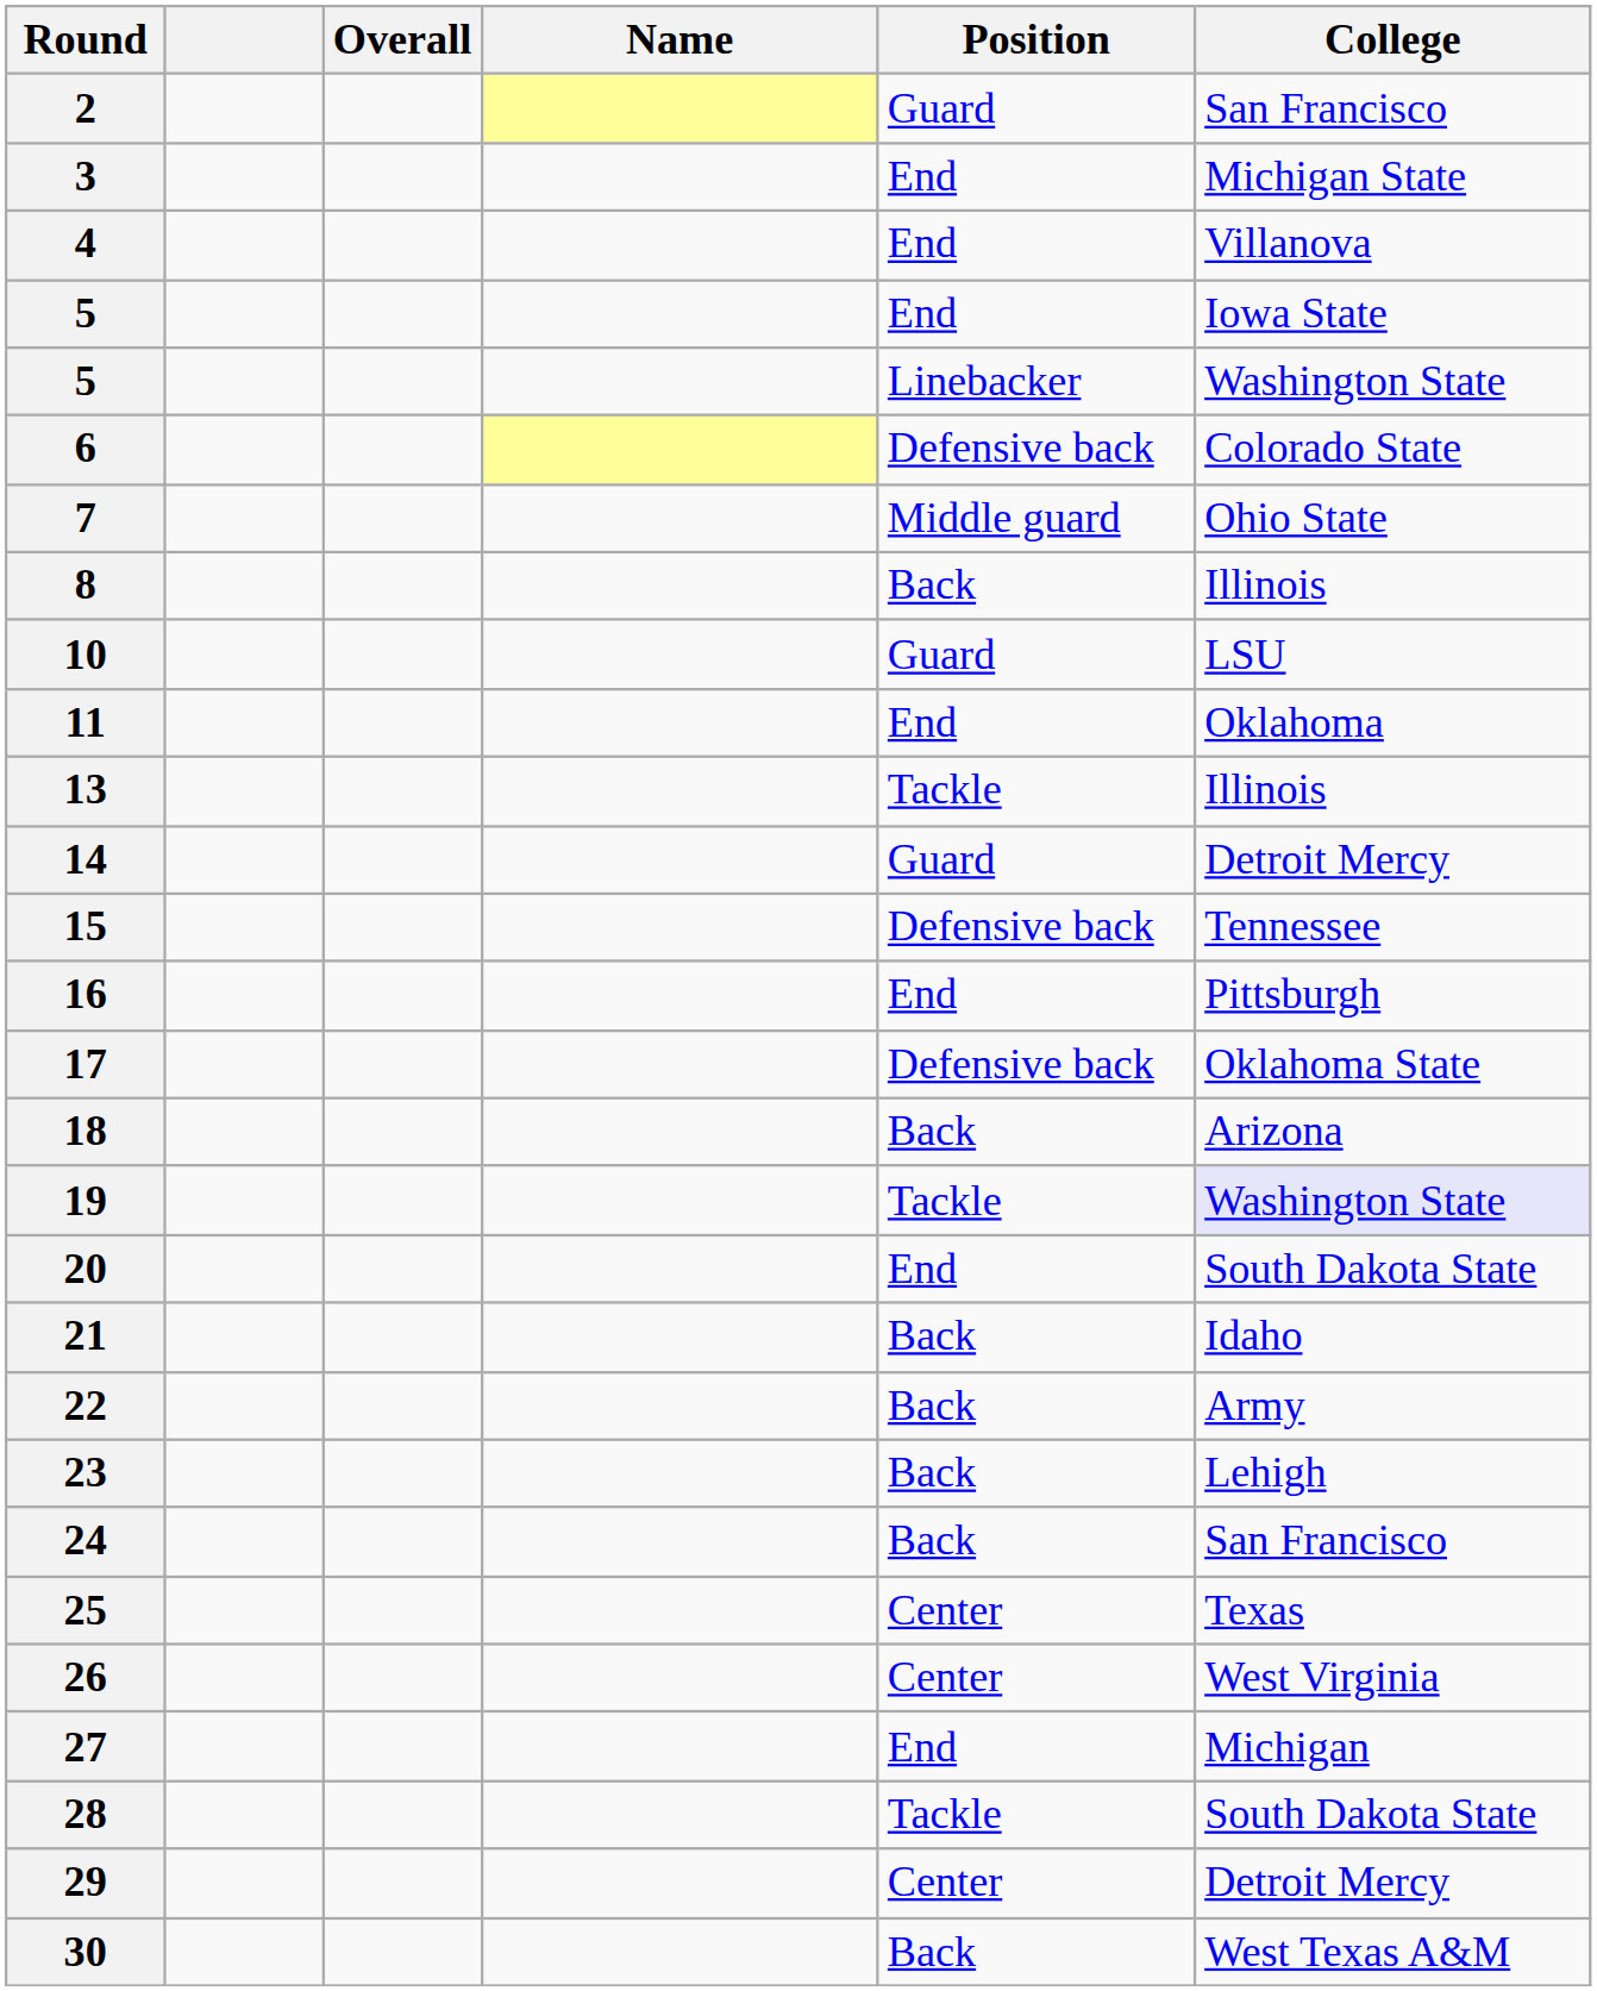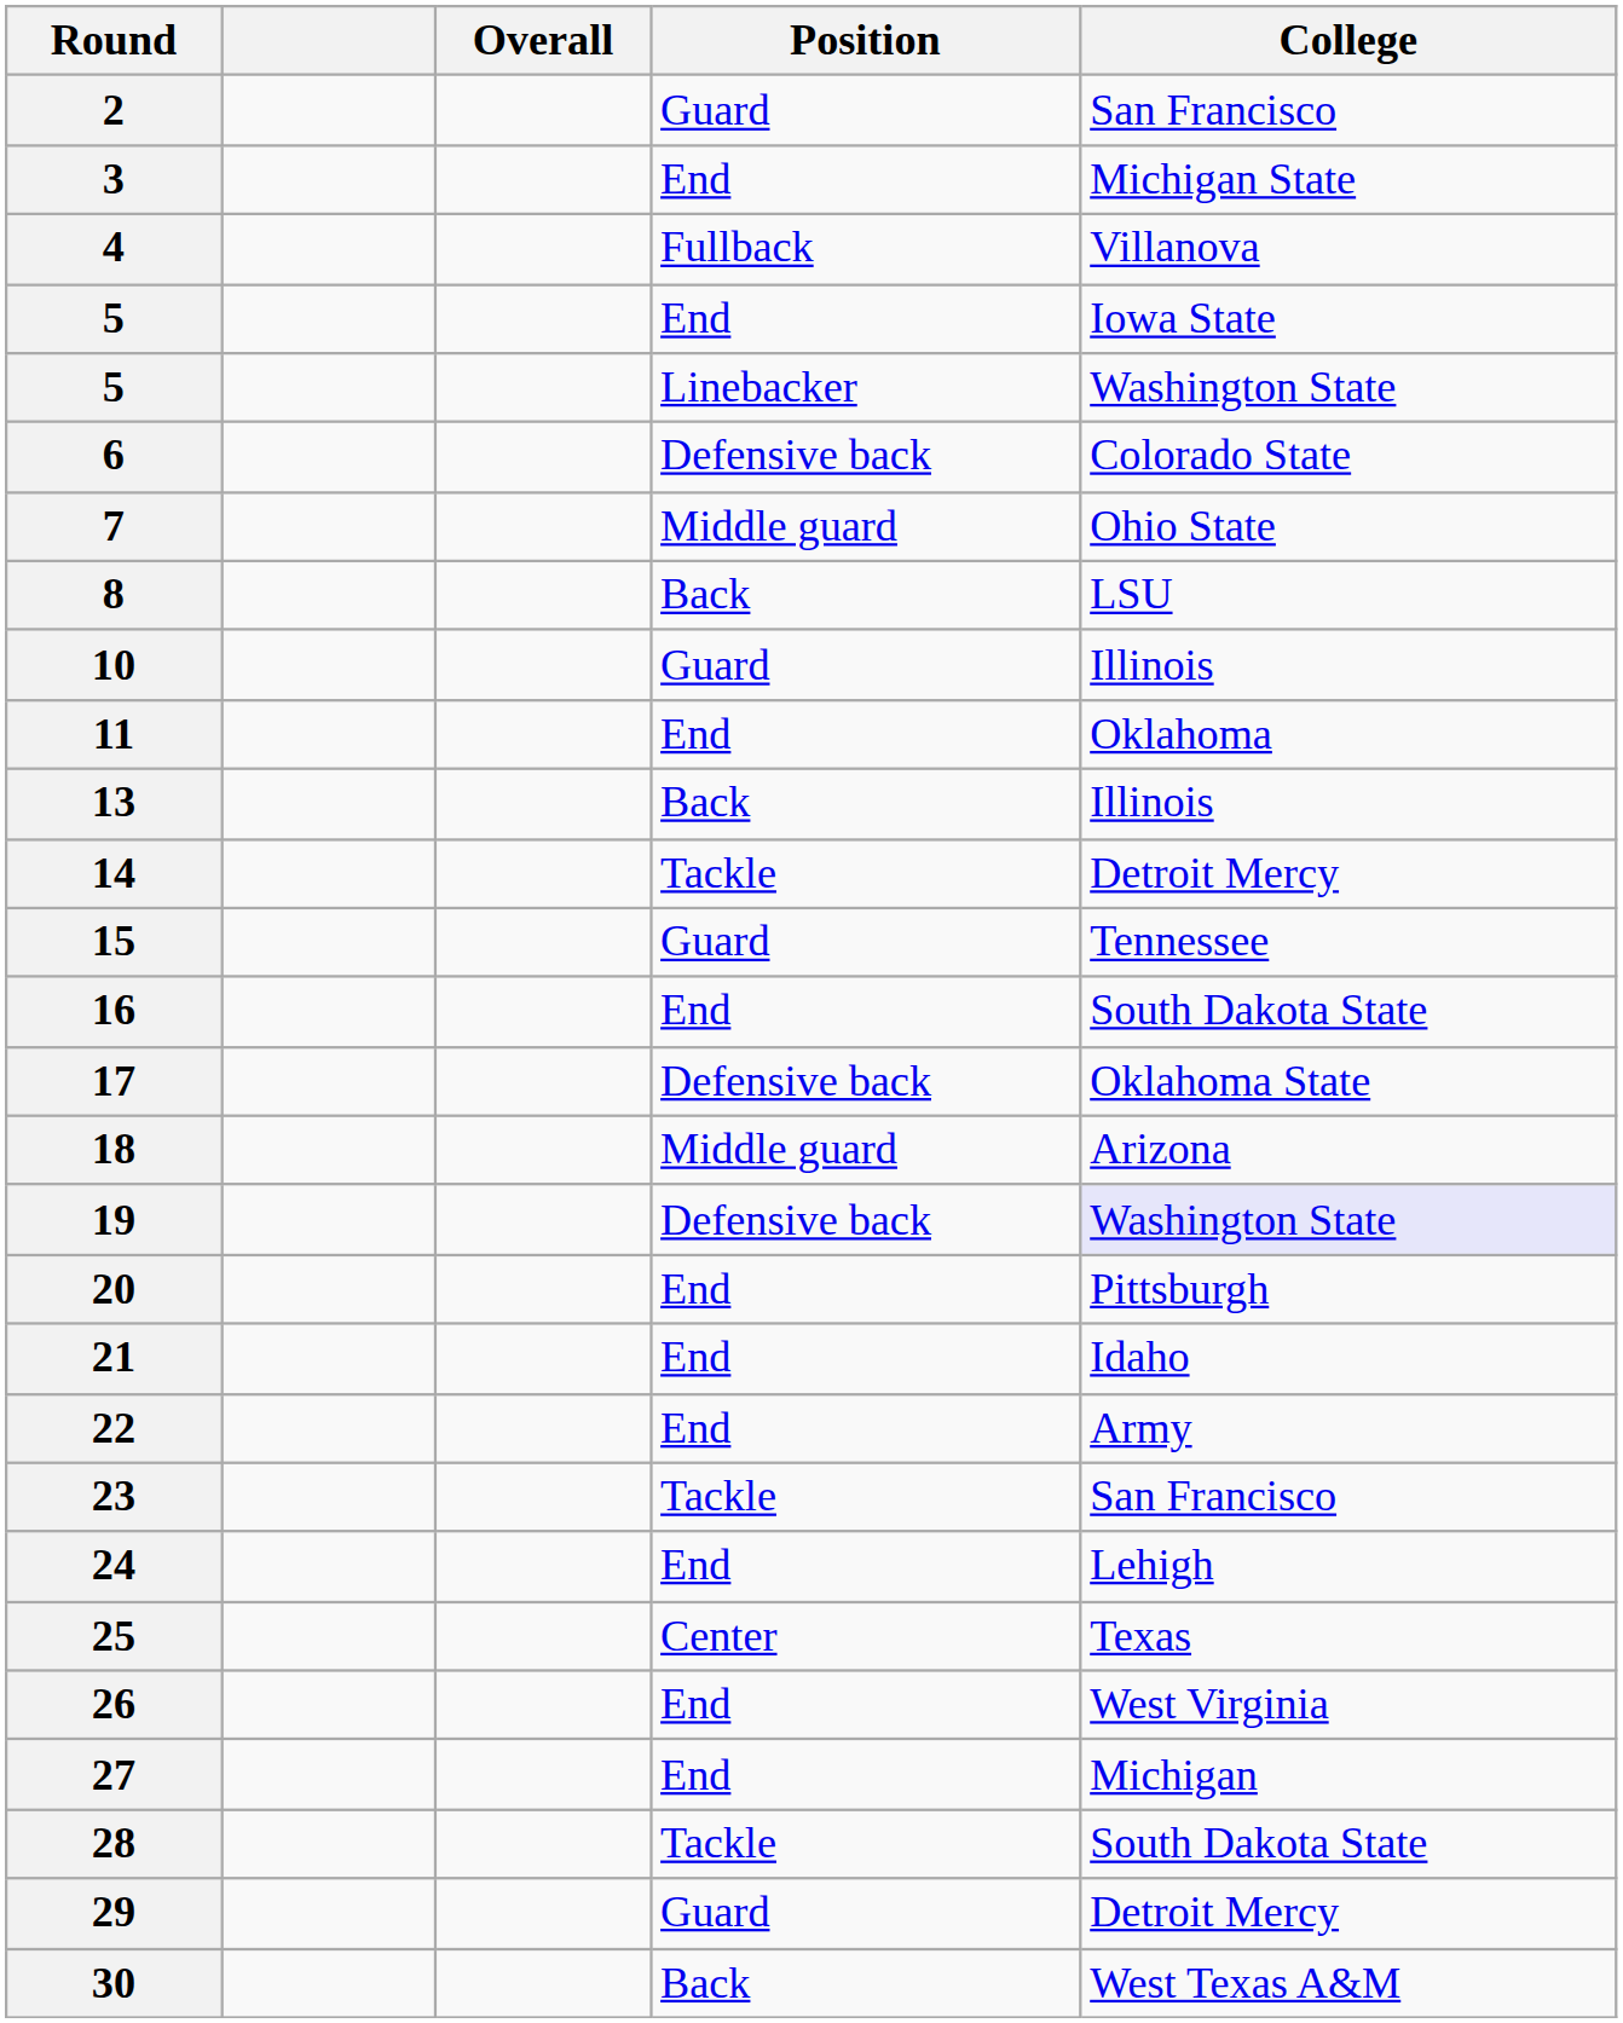 <table class="wikitable sortable">
 <tr>
 <th scope="col" style="width: 10%;">Round</th>
 <th scope="col" style="width: 10%;"></th>
 <th scope="col" style="width: 10%;">Overall</th>
-<th scope="col" style="width: 25%;">Name</th>
 <th scope="col" style="width: 20%;">Position</th>
 <th scope="col" style="width: 25%;">College</th>
 </tr>
 <tr>
 <th scope="row">2</th>
 <td></td>
 <td></td>
-<td style="background-color: #FFFF99;"> </td>
 <td><a href='#'>Guard</a></td>
 <td><a href='#'>San Francisco</a></td>
 </tr>
 <tr>
 <th scope="row">3</th>
-<td></td>
 <td></td>
 <td></td>
 <td><a href='#'>End</a></td>
 <td><a href='#'>Michigan State</a></td>
 </tr>
 <tr>
 <th scope="row">4</th>
 <td></td>
 <td></td>
-<td></td>
-<td><a href='#'>End</a></td>
+<td><a href='#'>Fullback</a></td>
 <td><a href='#'>Villanova</a></td>
 </tr>
 <tr>
 <th scope="row">5</th>
-<td></td>
 <td></td>
 <td></td>
 <td><a href='#'>End</a></td>
 <td><a href='#'>Iowa State</a></td>
 </tr>
 <tr>
 <th scope="row">5</th>
 <td></td>
 <td></td>
-<td></td>
 <td><a href='#'>Linebacker</a></td>
 <td><a href='#'>Washington State</a></td>
 </tr>
 <tr>
 <th scope="row">6</th>
 <td></td>
 <td></td>
-<td style="background-color: #FFFF99;"> </td>
 <td><a href='#'>Defensive back</a></td>
 <td><a href='#'>Colorado State</a></td>
 </tr>
 <tr>
 <th scope="row">7</th>
-<td></td>
 <td></td>
 <td></td>
 <td><a href='#'>Middle guard</a></td>
 <td><a href='#'>Ohio State</a></td>
 </tr>
 <tr>
 <th scope="row">8</th>
 <td></td>
 <td></td>
-<td></td>
 <td><a href='#'>Back</a></td>
-<td><a href='#'>Illinois</a></td>
+<td><a href='#'>LSU</a></td>
 </tr>
 <tr>
 <th scope="row">10</th>
 <td></td>
 <td></td>
-<td></td>
 <td><a href='#'>Guard</a></td>
-<td><a href='#'>LSU</a></td>
+<td><a href='#'>Illinois</a></td>
 </tr>
 <tr>
 <th scope="row">11</th>
-<td></td>
 <td></td>
 <td></td>
 <td><a href='#'>End</a></td>
 <td><a href='#'>Oklahoma</a></td>
 </tr>
 <tr>
 <th scope="row">13</th>
 <td></td>
 <td></td>
-<td></td>
-<td><a href='#'>Tackle</a></td>
+<td><a href='#'>Back</a></td>
 <td><a href='#'>Illinois</a></td>
 </tr>
 <tr>
 <th scope="row">14</th>
 <td></td>
 <td></td>
-<td></td>
-<td><a href='#'>Guard</a></td>
+<td><a href='#'>Tackle</a></td>
 <td><a href='#'>Detroit Mercy</a></td>
 </tr>
 <tr>
 <th scope="row">15</th>
 <td></td>
 <td></td>
-<td></td>
-<td><a href='#'>Defensive back</a></td>
+<td><a href='#'>Guard</a></td>
 <td><a href='#'>Tennessee</a></td>
 </tr>
 <tr>
 <th scope="row">16</th>
 <td></td>
 <td></td>
-<td></td>
 <td><a href='#'>End</a></td>
-<td><a href='#'>Pittsburgh</a></td>
+<td><a href='#'>South Dakota State</a></td>
 </tr>
 <tr>
 <th scope="row">17</th>
-<td></td>
 <td></td>
 <td></td>
 <td><a href='#'>Defensive back</a></td>
 <td><a href='#'>Oklahoma State</a></td>
 </tr>
 <tr>
 <th scope="row">18</th>
 <td></td>
 <td></td>
-<td></td>
-<td><a href='#'>Back</a></td>
+<td><a href='#'>Middle guard</a></td>
 <td><a href='#'>Arizona</a></td>
 </tr>
 <tr>
 <th scope="row">19</th>
 <td></td>
 <td></td>
-<td></td>
-<td><a href='#'>Tackle</a></td>
+<td><a href='#'>Defensive back</a></td>
 <td style="background: lavender;"><a href='#'>Washington State</a></td>
 </tr>
 <tr>
 <th scope="row">20</th>
 <td></td>
 <td></td>
-<td></td>
 <td><a href='#'>End</a></td>
-<td><a href='#'>South Dakota State</a></td>
+<td><a href='#'>Pittsburgh</a></td>
 </tr>
 <tr>
 <th scope="row">21</th>
 <td></td>
 <td></td>
-<td></td>
-<td><a href='#'>Back</a></td>
+<td><a href='#'>End</a></td>
 <td><a href='#'>Idaho</a></td>
 </tr>
 <tr>
 <th scope="row">22</th>
 <td></td>
 <td></td>
-<td></td>
-<td><a href='#'>Back</a></td>
+<td><a href='#'>End</a></td>
 <td><a href='#'>Army</a></td>
 </tr>
 <tr>
 <th scope="row">23</th>
 <td></td>
 <td></td>
-<td></td>
-<td><a href='#'>Back</a></td>
-<td><a href='#'>Lehigh</a></td>
+<td><a href='#'>Tackle</a></td>
+<td><a href='#'>San Francisco</a></td>
 </tr>
 <tr>
 <th scope="row">24</th>
 <td></td>
 <td></td>
-<td></td>
-<td><a href='#'>Back</a></td>
-<td><a href='#'>San Francisco</a></td>
+<td><a href='#'>End</a></td>
+<td><a href='#'>Lehigh</a></td>
 </tr>
 <tr>
 <th scope="row">25</th>
-<td></td>
 <td></td>
 <td></td>
 <td><a href='#'>Center</a></td>
 <td><a href='#'>Texas</a></td>
 </tr>
 <tr>
 <th scope="row">26</th>
 <td></td>
 <td></td>
-<td></td>
-<td><a href='#'>Center</a></td>
+<td><a href='#'>End</a></td>
 <td><a href='#'>West Virginia</a></td>
 </tr>
 <tr>
 <th scope="row">27</th>
-<td></td>
 <td></td>
 <td></td>
 <td><a href='#'>End</a></td>
 <td><a href='#'>Michigan</a></td>
 </tr>
 <tr>
 <th scope="row">28</th>
 <td></td>
 <td></td>
-<td></td>
 <td><a href='#'>Tackle</a></td>
 <td><a href='#'>South Dakota State</a></td>
 </tr>
 <tr>
 <th scope="row">29</th>
 <td></td>
 <td></td>
-<td></td>
-<td><a href='#'>Center</a></td>
+<td><a href='#'>Guard</a></td>
 <td><a href='#'>Detroit Mercy</a></td>
 </tr>
 <tr>
 <th scope="row">30</th>
 <td></td>
 <td></td>
-<td></td>
 <td><a href='#'>Back</a></td>
 <td><a href='#'>West Texas A&M</a></td>
 </tr>
 </table>
